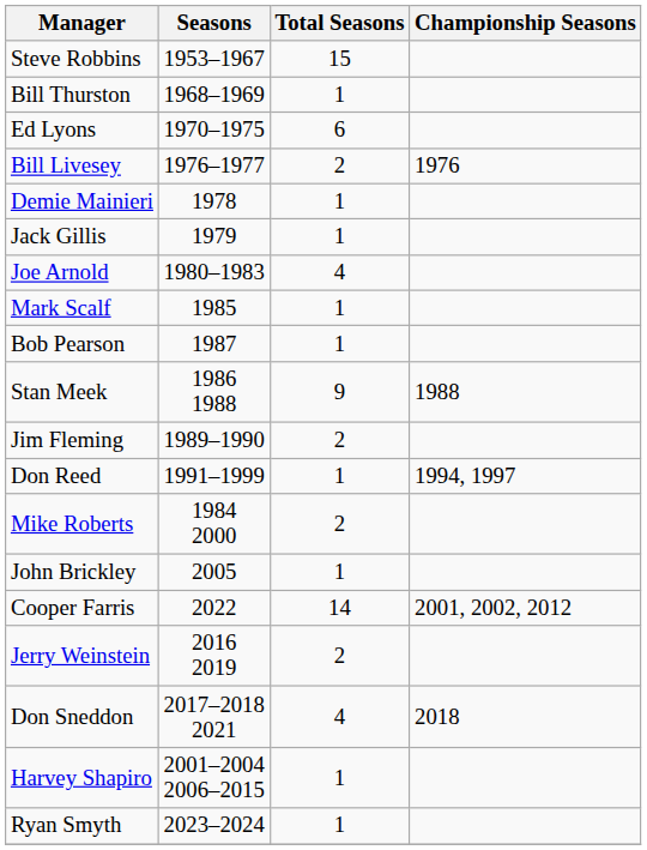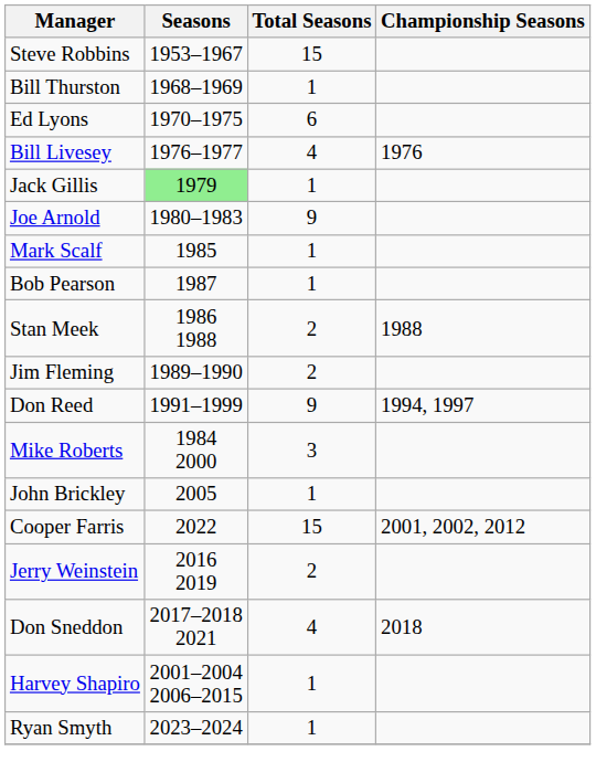 <table class="wikitable" style="text-align:center">
 <tr>
 <th>Manager</th>
 <th>Seasons</th>
 <th>Total Seasons</th>
 <th>Championship Seasons</th>
 </tr>
 <tr>
 <td style="text-align:left">Steve Robbins</td>
 <td>1953–1967</td>
 <td>15</td>
 <td style="text-align:left"></td>
 </tr>
 <tr>
 <td style="text-align:left">Bill Thurston</td>
 <td>1968–1969</td>
 <td>1</td>
 <td style="text-align:left"></td>
 </tr>
 <tr>
 <td style="text-align:left">Ed Lyons</td>
 <td>1970–1975</td>
 <td>6</td>
 <td style="text-align:left"></td>
 </tr>
 <tr>
 <td style="text-align:left"><a href='#'>Bill Livesey</a></td>
 <td>1976–1977</td>
-<td>2</td>
+<td>4</td>
 <td style="text-align:left">1976</td>
 </tr>
 <tr>
-<td style="text-align:left"><a href='#'>Demie Mainieri</a></td>
-<td>1978</td>
-<td>1</td>
-<td style="text-align:left"></td>
-</tr>
-<tr>
 <td style="text-align:left">Jack Gillis</td>
-<td>1979</td>
+<td style="background: lightgreen;">1979</td>
 <td>1</td>
 <td style="text-align:left"></td>
 </tr>
 <tr>
 <td style="text-align:left"><a href='#'>Joe Arnold</a></td>
 <td>1980–1983</td>
-<td>4</td>
+<td>9</td>
 <td style="text-align:left"></td>
 </tr>
 <tr>
 <td style="text-align:left"><a href='#'>Mark Scalf</a></td>
 <td>1985</td>
 <td>1</td>
 <td style="text-align:left"></td>
 </tr>
 <tr>
 <td style="text-align:left">Bob Pearson</td>
 <td>1987</td>
 <td>1</td>
 <td style="text-align:left"></td>
 </tr>
 <tr>
 <td style="text-align:left">Stan Meek</td>
 <td>1986<br>1988</td>
-<td>9</td>
+<td>2</td>
 <td style="text-align:left">1988</td>
 </tr>
 <tr>
 <td style="text-align:left">Jim Fleming</td>
 <td>1989–1990</td>
 <td>2</td>
 <td style="text-align:left"></td>
 </tr>
 <tr>
 <td style="text-align:left">Don Reed</td>
 <td>1991–1999</td>
-<td>1</td>
+<td>9</td>
 <td style="text-align:left">1994, 1997</td>
 </tr>
 <tr>
 <td style="text-align:left"><a href='#'>Mike Roberts</a></td>
 <td>1984<br>2000</td>
-<td>2</td>
+<td>3</td>
 <td style="text-align:left"></td>
 </tr>
 <tr>
 <td style="text-align:left">John Brickley</td>
 <td>2005</td>
 <td>1</td>
 <td style="text-align:left"></td>
 </tr>
 <tr>
 <td style="text-align:left">Cooper Farris</td>
 <td>2022</td>
-<td>14</td>
+<td>15</td>
 <td style="text-align:left">2001, 2002, 2012</td>
 </tr>
 <tr>
 <td style="text-align:left"><a href='#'>Jerry Weinstein</a></td>
 <td>2016<br>2019</td>
 <td>2</td>
 <td style="text-align:left"></td>
 </tr>
 <tr>
 <td style="text-align:left">Don Sneddon</td>
 <td>2017–2018<br>2021</td>
 <td>4</td>
 <td style="text-align:left">2018</td>
 </tr>
 <tr>
 <td style="text-align:left"><a href='#'>Harvey Shapiro</a></td>
 <td>2001–2004<br>2006–2015</td>
 <td>1</td>
 <td style="text-align:left"></td>
 </tr>
 <tr>
 <td style="text-align:left">Ryan Smyth</td>
 <td>2023–2024</td>
 <td>1</td>
 <td style="text-align:left"></td>
 </tr>
 <tr>
 </tr>
 </table>
